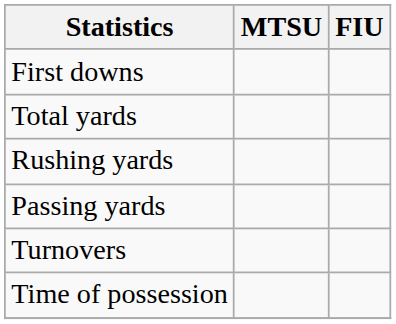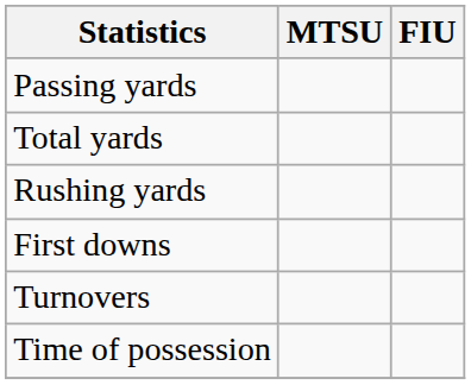 <table class="wikitable">
 <tr>
 <th>Statistics</th>
 <th>MTSU</th>
 <th>FIU</th>
 </tr>
 <tr>
-<td>First downs</td>
+<td>Passing yards</td>
 <td></td>
 <td></td>
 </tr>
 <tr>
 <td>Total yards</td>
 <td></td>
 <td></td>
 </tr>
 <tr>
 <td>Rushing yards</td>
 <td></td>
 <td></td>
 </tr>
 <tr>
-<td>Passing yards</td>
+<td>First downs</td>
 <td></td>
 <td></td>
 </tr>
 <tr>
 <td>Turnovers</td>
 <td></td>
 <td></td>
 </tr>
 <tr>
 <td>Time of possession</td>
 <td></td>
 <td></td>
 </tr>
 <tr>
 </tr>
 </table>
